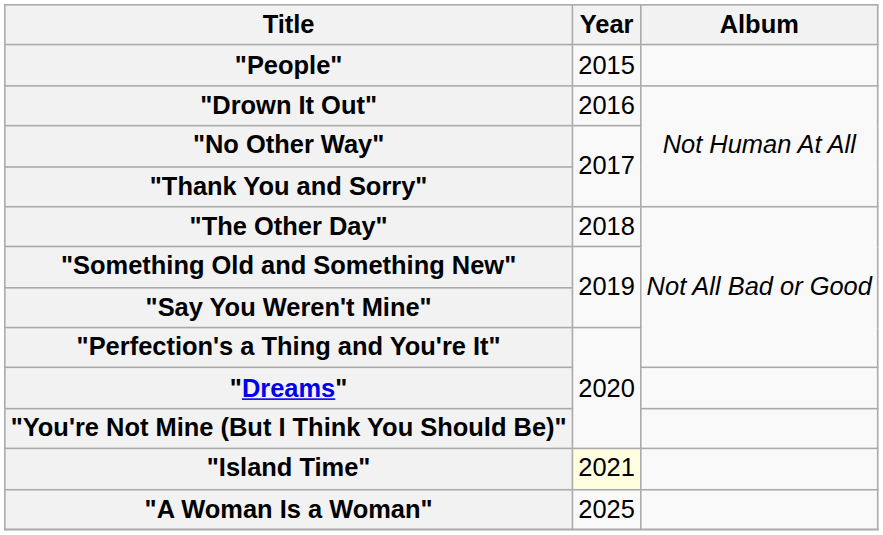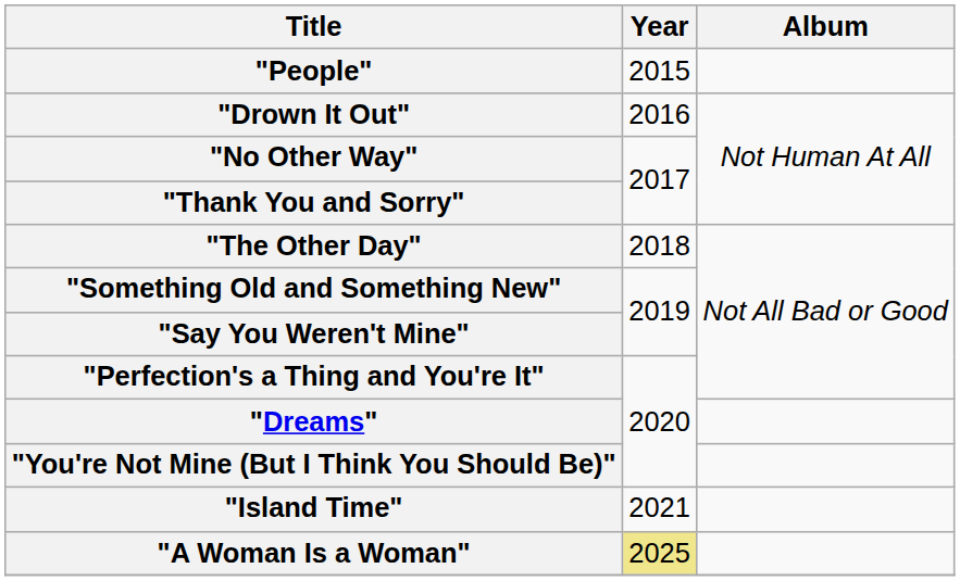 <table class="wikitable plainrowheaders" style="text-align:center;">
 <tr>
 <th>Title</th>
 <th>Year</th>
 <th>Album</th>
 </tr>
 <tr>
 <th scope="row">"People"</th>
 <td>2015</td>
 <td></td>
 </tr>
 <tr>
 <th scope="row">"Drown It Out"</th>
 <td>2016</td>
 <td rowspan="3"><em>Not Human At All</em></td>
 </tr>
 <tr>
 <th scope="row">"No Other Way"</th>
 <td rowspan="2">2017</td>
 </tr>
 <tr>
 <th scope="row">"Thank You and Sorry"</th>
 </tr>
 <tr>
 <th scope="row">"The Other Day"</th>
 <td>2018</td>
 <td rowspan="4"><em>Not All Bad or Good</em></td>
 </tr>
 <tr>
 <th scope="row">"Something Old and Something New"</th>
 <td rowspan="2">2019</td>
 </tr>
 <tr>
 <th scope="row">"Say You Weren't Mine"</th>
 </tr>
 <tr>
 <th scope="row">"Perfection's a Thing and You're It"</th>
 <td rowspan="3">2020</td>
 </tr>
 <tr>
 <th scope="row">"<a href='#'>Dreams</a>"</th>
 <td></td>
 </tr>
 <tr>
 <th scope="row">"You're Not Mine (But I Think You Should Be)"</th>
 <td></td>
 </tr>
 <tr>
 <th scope="row">"Island Time"</th>
-<td style="background: lightyellow;">2021</td>
+<td>2021</td>
 <td></td>
 </tr>
 <tr>
 <th scope="row">"A Woman Is a Woman"</th>
-<td>2025</td>
+<td style="background: khaki;">2025</td>
 <td></td>
 </tr>
 <tr>
 </tr>
 </table>
